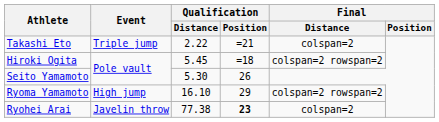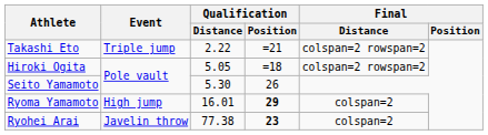 <table class=wikitable style="font-size:90%">
 <tr>
 <th rowspan="2">Athlete</th>
 <th rowspan="2">Event</th>
 <th colspan="2">Qualification</th>
 <th colspan="2">Final</th>
 </tr>
 <tr style="font-size:95%">
 <th>Distance</th>
 <th>Position</th>
 <th>Distance</th>
 <th>Position</th>
 </tr>
 <tr style=text-align:center>
 <td style=text-align:left><a href='#'>Takashi Eto</a></td>
 <td style=text-align:left><a href='#'>Triple jump</a></td>
 <td>2.22</td>
 <td>=21</td>
-<td>colspan=2 </td>
+<td>colspan=2 rowspan=2 </td>
 </tr>
 <tr style=text-align:center>
 <td style=text-align:left><a href='#'>Hiroki Ogita</a></td>
 <td style=text-align:left rowspan=2><a href='#'>Pole vault</a></td>
-<td>5.45</td>
+<td>5.05</td>
 <td>=18</td>
 <td>colspan=2 rowspan=2 </td>
 </tr>
 <tr style=text-align:center>
 <td style=text-align:left><a href='#'>Seito Yamamoto</a></td>
 <td>5.30</td>
 <td>26</td>
 </tr>
 <tr style=text-align:center>
 <td style=text-align:left><a href='#'>Ryoma Yamamoto</a></td>
 <td style=text-align:left><a href='#'>High jump</a></td>
-<td>16.10</td>
-<td>29</td>
-<td>colspan=2 rowspan=2 </td>
+<td>16.01</td>
+<td><strong>29</strong></td>
+<td>colspan=2 </td>
 </tr>
 <tr style=text-align:center>
 <td style=text-align:left><a href='#'>Ryohei Arai</a></td>
 <td style=text-align:left><a href='#'>Javelin throw</a></td>
 <td>77.38</td>
 <td><strong>23</strong></td>
 <td>colspan=2 </td>
 </tr>
 </table>
